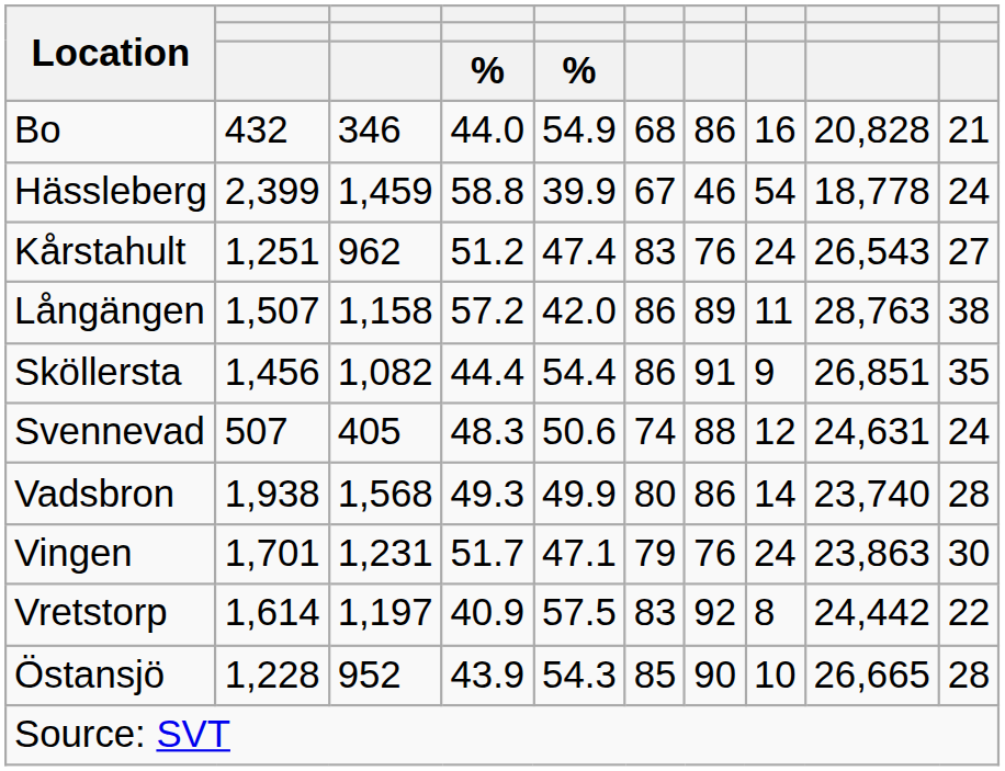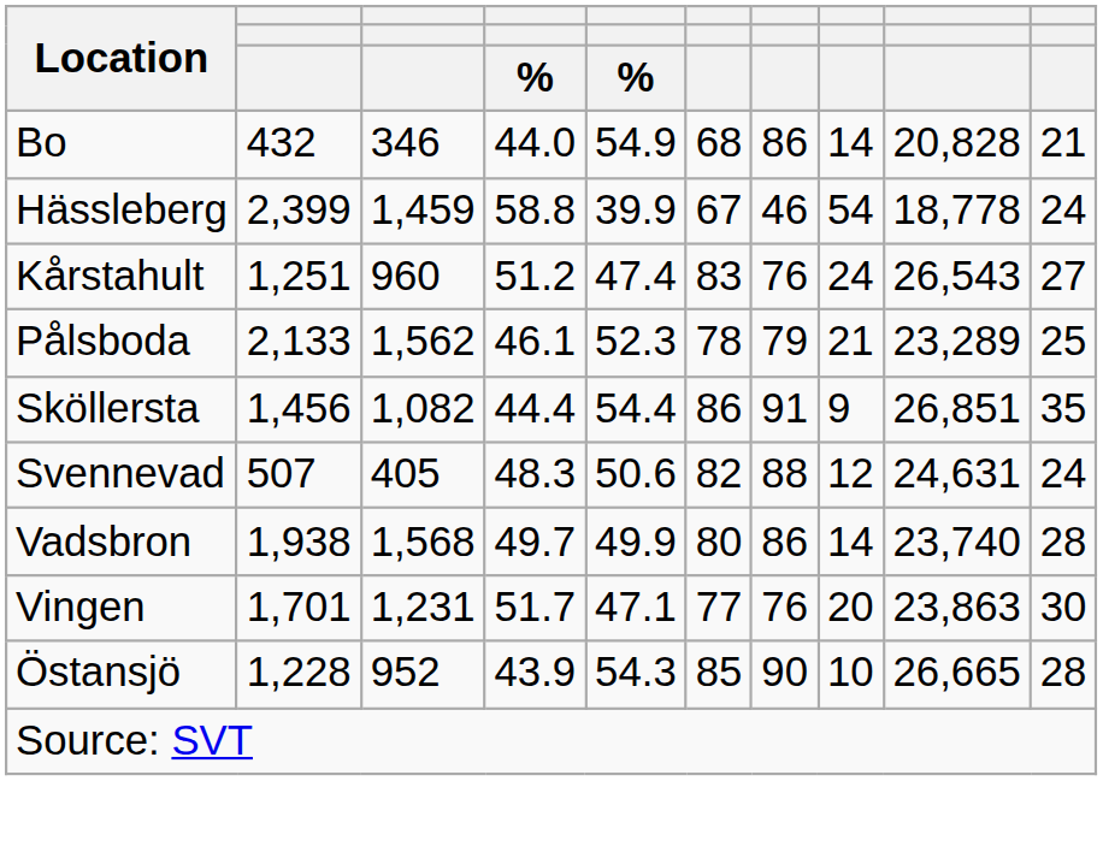 <table role="presentation" class="wikitable sortable mw-collapsible">
 <tr>
 <th rowspan="3">Location</th>
 <th></th>
 <th></th>
 <th></th>
 <th></th>
 <th></th>
 <th></th>
 <th></th>
 <th></th>
 <th></th>
 </tr>
 <tr>
 <th></th>
 <th></th>
 <th style="background:"></th>
 <th style="background:"></th>
 <th></th>
 <th></th>
 <th></th>
 <th></th>
 <th></th>
 </tr>
 <tr>
 <th data-sort-type="number"></th>
 <th data-sort-type="number"></th>
 <th data-sort-type="number">%</th>
 <th data-sort-type="number">%</th>
 <th data-sort-type="number"></th>
 <th data-sort-type="number"></th>
 <th data-sort-type="number"></th>
 <th data-sort-type="number"></th>
 <th data-sort-type="number"></th>
 </tr>
 <tr>
 <td align="left">Bo</td>
 <td>432</td>
 <td>346</td>
 <td>44.0</td>
 <td>54.9</td>
 <td>68</td>
 <td>86</td>
-<td>16</td>
+<td>14</td>
 <td>20,828</td>
 <td>21</td>
 </tr>
 <tr>
 <td align="left">Hässleberg</td>
 <td>2,399</td>
 <td>1,459</td>
 <td>58.8</td>
 <td>39.9</td>
 <td>67</td>
 <td>46</td>
 <td>54</td>
 <td>18,778</td>
 <td>24</td>
 </tr>
 <tr>
 <td align="left">Kårstahult</td>
 <td>1,251</td>
-<td>962</td>
+<td>960</td>
 <td>51.2</td>
 <td>47.4</td>
 <td>83</td>
 <td>76</td>
 <td>24</td>
 <td>26,543</td>
 <td>27</td>
 </tr>
 <tr>
-<td align="left">Långängen</td>
-<td>1,507</td>
-<td>1,158</td>
-<td>57.2</td>
-<td>42.0</td>
-<td>86</td>
-<td>89</td>
-<td>11</td>
-<td>28,763</td>
-<td>38</td>
+<td align="left">Pålsboda</td>
+<td>2,133</td>
+<td>1,562</td>
+<td>46.1</td>
+<td>52.3</td>
+<td>78</td>
+<td>79</td>
+<td>21</td>
+<td>23,289</td>
+<td>25</td>
 </tr>
 <tr>
 <td align="left">Sköllersta</td>
 <td>1,456</td>
 <td>1,082</td>
 <td>44.4</td>
 <td>54.4</td>
 <td>86</td>
 <td>91</td>
 <td>9</td>
 <td>26,851</td>
 <td>35</td>
 </tr>
 <tr>
 <td align="left">Svennevad</td>
 <td>507</td>
 <td>405</td>
 <td>48.3</td>
 <td>50.6</td>
-<td>74</td>
+<td>82</td>
 <td>88</td>
 <td>12</td>
 <td>24,631</td>
 <td>24</td>
 </tr>
 <tr>
 <td align="left">Vadsbron</td>
 <td>1,938</td>
 <td>1,568</td>
-<td>49.3</td>
+<td>49.7</td>
 <td>49.9</td>
 <td>80</td>
 <td>86</td>
 <td>14</td>
 <td>23,740</td>
 <td>28</td>
 </tr>
 <tr>
 <td align="left">Vingen</td>
 <td>1,701</td>
 <td>1,231</td>
 <td>51.7</td>
 <td>47.1</td>
-<td>79</td>
+<td>77</td>
 <td>76</td>
-<td>24</td>
+<td>20</td>
 <td>23,863</td>
 <td>30</td>
-</tr>
-<tr>
-<td align="left">Vretstorp</td>
-<td>1,614</td>
-<td>1,197</td>
-<td>40.9</td>
-<td>57.5</td>
-<td>83</td>
-<td>92</td>
-<td>8</td>
-<td>24,442</td>
-<td>22</td>
 </tr>
 <tr>
 <td align="left">Östansjö</td>
 <td>1,228</td>
 <td>952</td>
 <td>43.9</td>
 <td>54.3</td>
 <td>85</td>
 <td>90</td>
 <td>10</td>
 <td>26,665</td>
 <td>28</td>
 </tr>
 <tr>
 <td colspan="10" align="left">Source: <a href='#'>SVT</a></td>
 </tr>
 </table>
